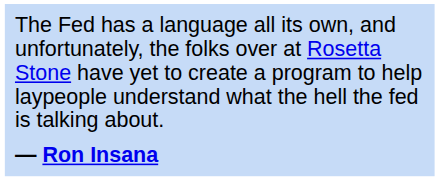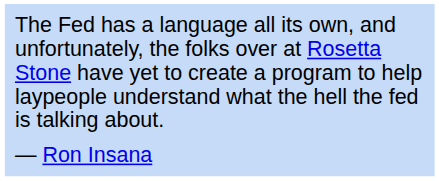 <table class="toccolours" style="float: right; margin-left: 0.5em; margin-right: 1em; font-size: 85%; background:#c6dbf7; color:black; width:20em; max-width: 100%;" cellspacing="5">
 <tr>
 <td style="text-align: left;">The Fed has a language all its own, and unfortunately, the folks over at <a href='#'>Rosetta Stone</a> have yet to create a program to help laypeople understand what the hell the fed is talking about.</td>
 </tr>
 <tr>
-<td style="text-align: left;"><strong>— <a href='#'>Ron Insana</a></strong></td>
+<td style="text-align: left;">— <a href='#'>Ron Insana</a></td>
 </tr>
 </table>
